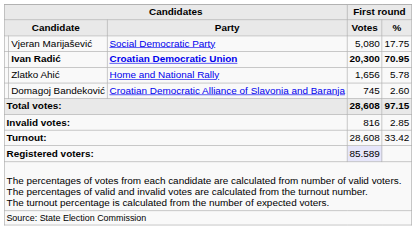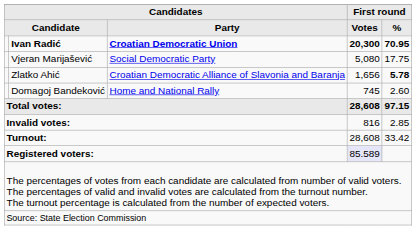 <table class="wikitable" border="1">
 <tr>
 </tr>
 <tr style="background-color:#C9C9C9">
 <th style="background-color:#E9E9E9" align= center colspan="3">Candidates</th>
 <th style="background-color:#E9E9E9" align= center colspan="2">First round</th>
 </tr>
 <tr>
 <th style="background-color:#E9E9E9" align= center colspan="2">Candidate</th>
 <th style="background-color:#E9E9E9" align= center>Party</th>
 <th style="background-color:#E9E9E9" align= center>Votes</th>
 <th style="background-color:#E9E9E9" align= center>%</th>
 </tr>
 <tr>
 <td></td>
+<td align="left"><strong>Ivan Radić</strong></td>
+<td align="left"><a href='#'><strong>Croatian Democratic Union</strong></a></td>
+<td align="right"><strong>20,300</strong></td>
+<td align="right"><strong>70.95</strong></td>
+</tr>
+<tr>
+<td></td>
 <td align="left">Vjeran Marijašević</td>
 <td align="left"><a href='#'>Social Democratic Party</a></td>
 <td align="right">5,080</td>
 <td align="right">17.75</td>
 </tr>
 <tr>
 <td></td>
-<td align="left"><strong>Ivan Radić</strong></td>
-<td align="left"><a href='#'><strong>Croatian Democratic Union</strong></a></td>
-<td align="right"><strong>20,300</strong></td>
-<td align="right"><strong>70.95</strong></td>
-</tr>
-<tr>
-<td></td>
 <td align="left">Zlatko Ahić</td>
-<td align="left"><a href='#'>Home and National Rally</a></td>
+<td align="left"><a href='#'>Croatian Democratic Alliance of Slavonia and Baranja</a></td>
 <td align="right">1,656</td>
-<td align="right">5.78</td>
+<td align="right"><strong>5.78</strong></td>
 </tr>
 <tr>
 <td></td>
 <td align="left">Domagoj Bandeković</td>
-<td align="left"><a href='#'>Croatian Democratic Alliance of Slavonia and Baranja</a></td>
+<td align="left"><a href='#'>Home and National Rally</a></td>
 <td align="right">745</td>
 <td align="right">2.60</td>
 </tr>
 <tr style="background-color:#E9E9E9">
 <td colspan="3" align="left"><strong>Total votes:</strong></td>
 <td><strong>28,608</strong></td>
 <td><strong>97.15</strong></td>
 </tr>
 <tr>
 <td colspan="3" align="left"><strong>Invalid votes:</strong></td>
 <td align="right">816</td>
 <td align="right">2.85</td>
 </tr>
 <tr>
 <td colspan="3" align="left"><strong>Turnout:</strong></td>
 <td align="right">28,608</td>
 <td align="right">33.42</td>
 </tr>
 <tr>
 <td colspan="3" align="left"><strong>Registered voters:</strong></td>
 <td align="right" style="background: lavender;">85.589</td>
 <td align="right"></td>
 </tr>
 <tr>
 <td colspan="5" align="left"><br>The percentages of votes from each candidate are calculated from number of valid voters.<br> The percentages of valid and invalid votes are calculated from the turnout number.<br> The turnout percentage is calculated from the number of expected voters.</td>
 </tr>
 <tr>
 <td colspan="5" align="left" style="font-size: 90%">Source: State Election Commission</td>
 </tr>
 </table>
